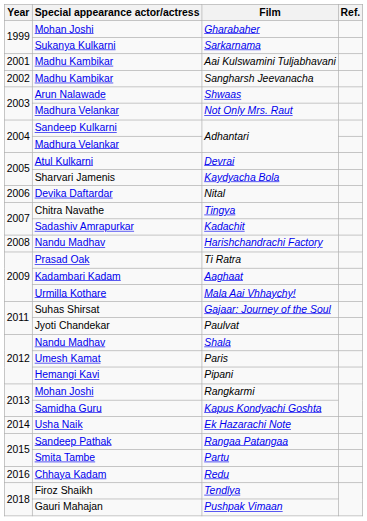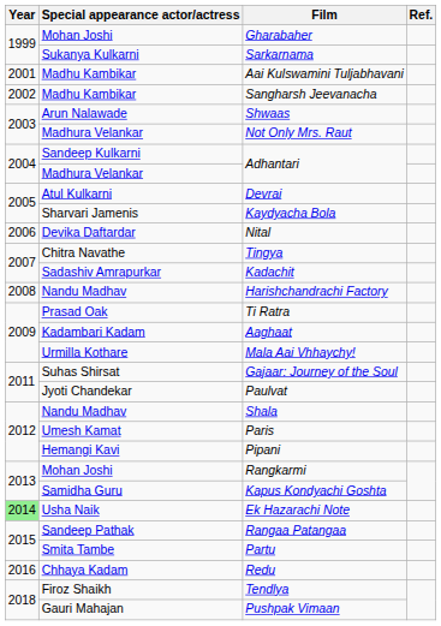 <table class="wikitable">
 <tr>
 <th>Year</th>
 <th>Special appearance actor/actress</th>
 <th>Film</th>
 <th>Ref.</th>
 </tr>
 <tr>
 <td rowspan="2">1999</td>
 <td><a href='#'>Mohan Joshi</a></td>
 <td><em><a href='#'>Gharabaher</a></em></td>
 <td></td>
 </tr>
 <tr>
 <td><a href='#'>Sukanya Kulkarni</a></td>
 <td><em><a href='#'>Sarkarnama</a></em></td>
 <td></td>
 </tr>
 <tr>
 <td>2001</td>
 <td><a href='#'>Madhu Kambikar</a></td>
 <td><em>Aai Kulswamini Tuljabhavani</em></td>
 <td></td>
 </tr>
 <tr>
 <td>2002</td>
 <td><a href='#'>Madhu Kambikar</a></td>
 <td><em>Sangharsh Jeevanacha</em></td>
 <td></td>
 </tr>
 <tr>
 <td rowspan="2">2003</td>
 <td><a href='#'>Arun Nalawade</a></td>
 <td><em><a href='#'>Shwaas</a></em></td>
 <td></td>
 </tr>
 <tr>
 <td><a href='#'>Madhura Velankar</a></td>
 <td><em><a href='#'>Not Only Mrs. Raut</a></em></td>
 <td></td>
 </tr>
 <tr>
 <td rowspan="2">2004</td>
 <td><a href='#'>Sandeep Kulkarni</a></td>
 <td rowspan="2"><em>Adhantari</em></td>
 <td></td>
 </tr>
 <tr>
 <td><a href='#'>Madhura Velankar</a></td>
 <td></td>
 </tr>
 <tr>
 <td rowspan="2">2005</td>
 <td><a href='#'>Atul Kulkarni</a></td>
 <td><em><a href='#'>Devrai</a></em></td>
 <td></td>
 </tr>
 <tr>
 <td>Sharvari Jamenis</td>
 <td><em><a href='#'>Kaydyacha Bola</a></em></td>
 <td></td>
 </tr>
 <tr>
 <td>2006</td>
 <td><a href='#'>Devika Daftardar</a></td>
 <td><em>Nital</em></td>
 <td></td>
 </tr>
 <tr>
 <td rowspan="2">2007</td>
 <td>Chitra Navathe</td>
 <td><em><a href='#'>Tingya</a></em></td>
 <td></td>
 </tr>
 <tr>
 <td><a href='#'>Sadashiv Amrapurkar</a></td>
 <td><em><a href='#'>Kadachit</a></em></td>
 <td></td>
 </tr>
 <tr>
 <td>2008</td>
 <td><a href='#'>Nandu Madhav</a></td>
 <td><em><a href='#'>Harishchandrachi Factory</a></em></td>
 <td></td>
 </tr>
 <tr>
 <td rowspan="3">2009</td>
 <td><a href='#'>Prasad Oak</a></td>
 <td><em>Ti Ratra</em></td>
 <td></td>
 </tr>
 <tr>
 <td><a href='#'>Kadambari Kadam</a></td>
 <td><em><a href='#'>Aaghaat</a></em></td>
 <td></td>
 </tr>
 <tr>
 <td><a href='#'>Urmilla Kothare</a></td>
 <td><em><a href='#'>Mala Aai Vhhaychy!</a></em></td>
 <td></td>
 </tr>
 <tr>
 <td rowspan="2">2011</td>
 <td>Suhas Shirsat</td>
 <td><em><a href='#'>Gajaar: Journey of the Soul</a></em></td>
 <td></td>
 </tr>
 <tr>
 <td>Jyoti Chandekar</td>
 <td><em>Paulvat</em></td>
 <td></td>
 </tr>
 <tr>
 <td rowspan="3">2012</td>
 <td><a href='#'>Nandu Madhav</a></td>
 <td><em><a href='#'>Shala</a></em></td>
 <td></td>
 </tr>
 <tr>
 <td><a href='#'>Umesh Kamat</a></td>
 <td><em>Paris</em></td>
 <td></td>
 </tr>
 <tr>
 <td><a href='#'>Hemangi Kavi</a></td>
 <td><em>Pipani</em></td>
 <td></td>
 </tr>
 <tr>
 <td rowspan="2">2013</td>
 <td><a href='#'>Mohan Joshi</a></td>
 <td><em>Rangkarmi</em></td>
 <td rowspan="2"></td>
 </tr>
 <tr>
 <td><a href='#'>Samidha Guru</a></td>
 <td><em><a href='#'>Kapus Kondyachi Goshta</a></em></td>
 </tr>
 <tr>
-<td>2014</td>
+<td style="background: lightgreen;">2014</td>
 <td><a href='#'>Usha Naik</a></td>
 <td><em><a href='#'>Ek Hazarachi Note</a></em></td>
 <td></td>
 </tr>
 <tr>
 <td rowspan="2">2015</td>
 <td><a href='#'>Sandeep Pathak</a></td>
 <td><em><a href='#'>Rangaa Patangaa</a></em></td>
 <td></td>
 </tr>
 <tr>
 <td><a href='#'>Smita Tambe</a></td>
 <td><em><a href='#'>Partu</a></em></td>
 <td></td>
 </tr>
 <tr>
 <td>2016</td>
 <td><a href='#'>Chhaya Kadam</a></td>
 <td><em><a href='#'>Redu</a></em></td>
 <td></td>
 </tr>
 <tr>
 <td rowspan="2">2018</td>
 <td>Firoz Shaikh</td>
 <td><em><a href='#'>Tendlya</a></em></td>
 <td rowspan="2"></td>
 </tr>
 <tr>
 <td>Gauri Mahajan</td>
 <td><em><a href='#'>Pushpak Vimaan</a></em></td>
 </tr>
 </table>
